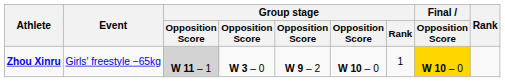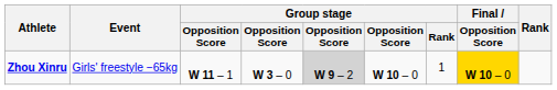 <table class="wikitable" style="font-size:90%">
 <tr>
 <th rowspan=2>Athlete</th>
 <th rowspan=2>Event</th>
 <th colspan=5>Group stage</th>
 <th>Final / </th>
 <th rowspan=2>Rank</th>
 </tr>
 <tr style="font-size:95%">
 <th>Opposition<br>Score</th>
 <th>Opposition<br>Score</th>
 <th>Opposition<br>Score</th>
 <th>Opposition<br>Score</th>
 <th>Rank</th>
 <th>Opposition<br>Score</th>
 </tr>
 <tr align=center>
 <td align=left><strong><a href='#'>Zhou Xinru</a></strong></td>
 <td align=left><a href='#'>Girls' freestyle −65kg</a></td>
-<td style="background: lightgrey;"><br><strong>W</strong> <strong>11</strong> – 1 <sup></sup></td>
+<td><br><strong>W</strong> <strong>11</strong> – 1 <sup></sup></td>
 <td><br><strong>W</strong> <strong>3</strong> – 0 <sup></sup></td>
-<td><br><strong>W</strong> <strong>9</strong> – 2 <sup></sup></td>
+<td style="background: lightgrey;"><br><strong>W</strong> <strong>9</strong> – 2 <sup></sup></td>
 <td><br><strong>W</strong> <strong>10</strong> – 0 <sup></sup></td>
 <td>1 </td>
 <td style="background: gold;"><br><strong>W</strong> <strong>10</strong> – 0 <sup></sup></td>
 <td></td>
 </tr>
 </table>
